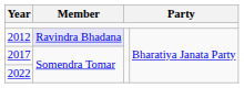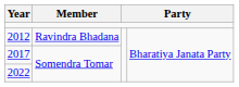 <table class="wikitable">
 <tr>
 <th>Year</th>
 <th>Member</th>
 <th colspan="2">Party</th>
 </tr>
 <tr>
 <td colspan="4"></td>
 </tr>
 <tr>
 <td><a href='#'>2012</a></td>
-<td style="background: lavender;"><a href='#'>Ravindra Bhadana</a></td>
+<td><a href='#'>Ravindra Bhadana</a></td>
 <td rowspan="3" style="background-color: "></td>
 <td rowspan="3"><a href='#'>Bharatiya Janata Party</a></td>
 </tr>
 <tr>
 <td><a href='#'>2017</a></td>
 <td rowspan="2"><a href='#'>Somendra Tomar</a></td>
 </tr>
 <tr>
 <td><a href='#'>2022</a></td>
 </tr>
 </table>
